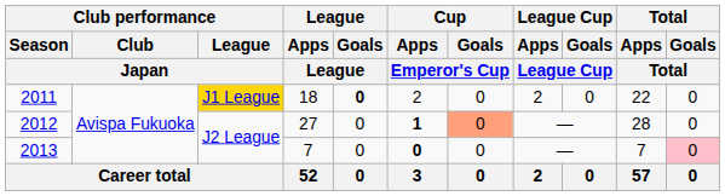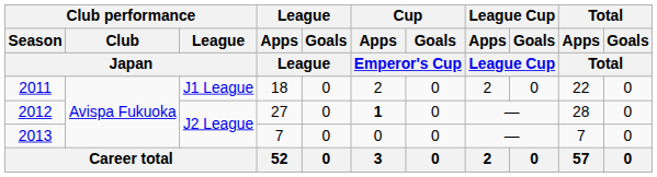 <table class="wikitable" style="text-align:center">
 <tr>
 <th colspan=3>Club performance</th>
 <th colspan=2>League</th>
 <th colspan=2>Cup</th>
 <th colspan=2>League Cup</th>
 <th colspan=2>Total</th>
 </tr>
 <tr>
 <th>Season</th>
 <th>Club</th>
 <th>League</th>
 <th>Apps</th>
 <th>Goals</th>
 <th>Apps</th>
 <th>Goals</th>
 <th>Apps</th>
 <th>Goals</th>
 <th>Apps</th>
 <th>Goals</th>
 </tr>
 <tr>
 <th colspan=3>Japan</th>
 <th colspan=2>League</th>
 <th colspan=2><a href='#'>Emperor's Cup</a></th>
 <th colspan=2><a href='#'>League Cup</a></th>
 <th colspan=2>Total</th>
 </tr>
 <tr>
 <td><a href='#'>2011</a></td>
 <td rowspan="3"><a href='#'>Avispa Fukuoka</a></td>
-<td style="background: gold;"><a href='#'>J1 League</a></td>
+<td><a href='#'>J1 League</a></td>
 <td>18</td>
-<td><strong>0</strong></td>
+<td>0</td>
 <td>2</td>
 <td>0</td>
 <td>2</td>
 <td>0</td>
 <td>22</td>
 <td>0</td>
 </tr>
 <tr>
 <td><a href='#'>2012</a></td>
 <td rowspan="2"><a href='#'>J2 League</a></td>
 <td>27</td>
 <td>0</td>
 <td><strong>1</strong></td>
-<td style="background: lightsalmon;">0</td>
+<td>0</td>
 <td colspan="2">—</td>
 <td>28</td>
 <td>0</td>
 </tr>
 <tr>
 <td><a href='#'>2013</a></td>
 <td>7</td>
 <td>0</td>
-<td><strong>0</strong></td>
+<td>0</td>
 <td>0</td>
 <td colspan="2">—</td>
 <td>7</td>
-<td style="background: pink;">0</td>
+<td>0</td>
 </tr>
 <tr>
 <th colspan=3>Career total</th>
 <th>52</th>
 <th>0</th>
 <th>3</th>
 <th>0</th>
 <th>2</th>
 <th>0</th>
 <th>57</th>
 <th>0</th>
 </tr>
 </table>
